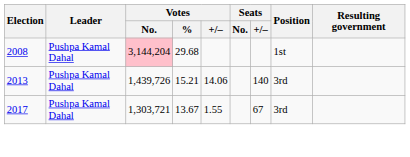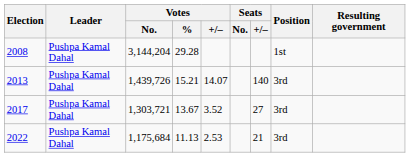 <table class="wikitable">
 <tr>
 <th rowspan="2" style="background-color:">Election</th>
 <th rowspan="2" style="background-color:">Leader</th>
 <th colspan="3" style="background-color:">Votes</th>
 <th colspan="2" style="background-color:">Seats</th>
 <th rowspan="2" style="background-color:">Position</th>
 <th rowspan="2" style="background-color:">Resulting government</th>
 </tr>
 <tr>
 <th style="background-color:">No.</th>
 <th style="background-color:">%</th>
 <th style="background-color:">+/–</th>
 <th style="background-color:">No.</th>
 <th style="background-color:">+/–</th>
 </tr>
 <tr>
 <td><a href='#'>2008</a></td>
 <td><a href='#'>Pushpa Kamal Dahal</a></td>
-<td style="background: pink;">3,144,204</td>
-<td>29.68</td>
+<td>3,144,204</td>
+<td>29.28</td>
 <td></td>
 <td></td>
 <td></td>
 <td>1st</td>
 <td></td>
 </tr>
 <tr>
 <td><a href='#'>2013</a></td>
 <td><a href='#'>Pushpa Kamal Dahal</a></td>
 <td>1,439,726</td>
 <td>15.21</td>
-<td> 14.06</td>
+<td> 14.07</td>
 <td></td>
 <td> 140</td>
 <td> 3rd</td>
 <td></td>
 </tr>
 <tr>
 <td><a href='#'>2017</a></td>
 <td><a href='#'>Pushpa Kamal Dahal</a></td>
 <td>1,303,721</td>
 <td>13.67</td>
-<td> 1.55</td>
+<td> 3.52</td>
 <td style="text-align:center;"></td>
-<td> 67</td>
+<td> 27</td>
+<td> 3rd</td>
+<td></td>
+</tr>
+<tr>
+<td><a href='#'>2022</a></td>
+<td><a href='#'>Pushpa Kamal Dahal</a></td>
+<td>1,175,684</td>
+<td>11.13</td>
+<td> 2.53</td>
+<td></td>
+<td> 21</td>
 <td> 3rd</td>
 <td></td>
 </tr>
 </table>
